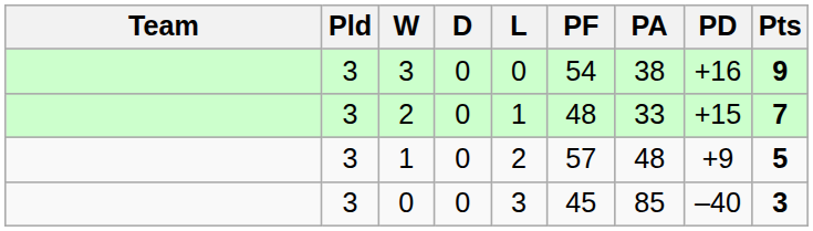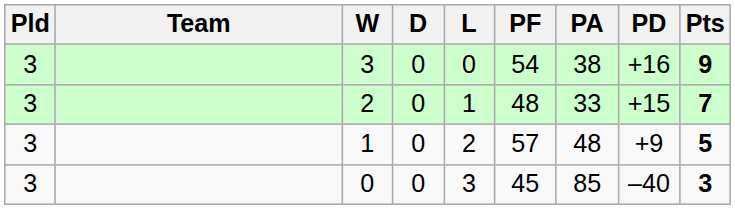 <table class="wikitable" style="text-align:center;">
 <tr>
+<th width=25 abbr="Played">Pld</th>
 <th width=175>Team</th>
-<th width=25 abbr="Played">Pld</th>
 <th width=25 abbr="Won">W</th>
 <th width=25 abbr="Drawn">D</th>
 <th width=25 abbr="Lost">L</th>
 <th width=32 abbr="Points for">PF</th>
 <th width=32 abbr="Points against">PA</th>
 <th width=32 abbr="Points difference">PD</th>
 <th width=25 abbr="Points">Pts</th>
 </tr>
 <tr bgcolor=ccffcc>
+<td>3</td>
 <td align=left></td>
-<td>3</td>
 <td>3</td>
 <td>0</td>
 <td>0</td>
 <td>54</td>
 <td>38</td>
 <td>+16</td>
 <td><strong>9</strong></td>
 </tr>
 <tr bgcolor=ccffcc>
+<td>3</td>
 <td align=left></td>
-<td>3</td>
 <td>2</td>
 <td>0</td>
 <td>1</td>
 <td>48</td>
 <td>33</td>
 <td>+15</td>
 <td><strong>7</strong></td>
 </tr>
 <tr>
+<td>3</td>
 <td align=left></td>
-<td>3</td>
 <td>1</td>
 <td>0</td>
 <td>2</td>
 <td>57</td>
 <td>48</td>
 <td>+9</td>
 <td><strong>5</strong></td>
 </tr>
 <tr>
+<td>3</td>
 <td align=left></td>
-<td>3</td>
 <td>0</td>
 <td>0</td>
 <td>3</td>
 <td>45</td>
 <td>85</td>
 <td>–40</td>
 <td><strong>3</strong></td>
 </tr>
 </table>
